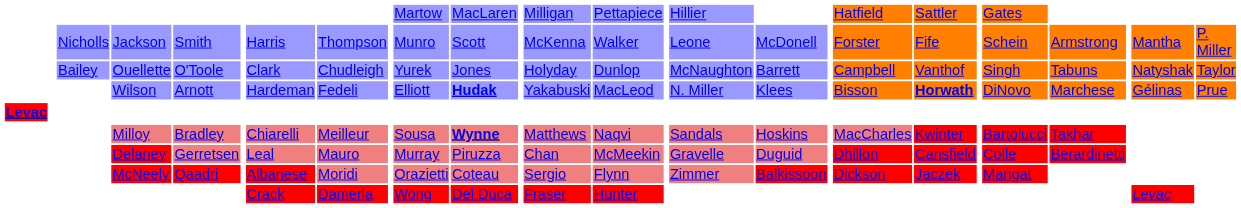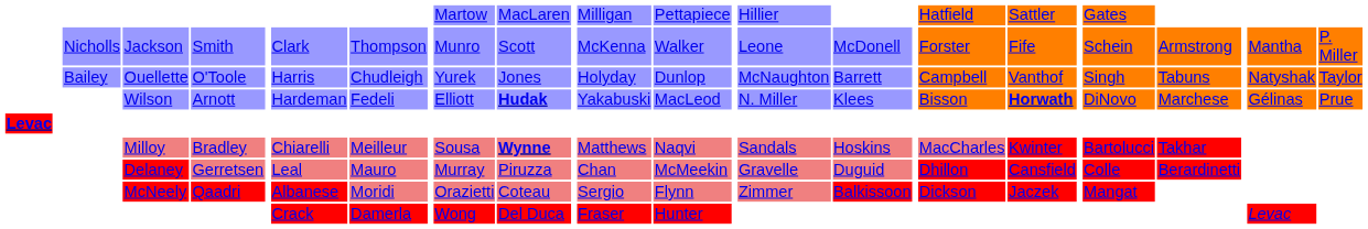 <table style="">
 <tr>
 <td></td>
 <td></td>
 <td></td>
 <td></td>
 <td></td>
 <td></td>
 <td></td>
 <td></td>
 <td></td>
 <td></td>
 <td bgcolor="9999ff" border="1"><span><a href='#'>Martow</a></span></td>
 <td bgcolor="9999ff" border="1"><span><a href='#'>MacLaren</a></span></td>
 <td></td>
 <td bgcolor="9999ff" border="1"><span><a href='#'>Milligan</a></span></td>
 <td bgcolor="9999ff" border="1"><span><a href='#'>Pettapiece</a></span></td>
 <td></td>
 <td bgcolor="9999ff" border="1"><span><a href='#'>Hillier</a></span></td>
 <td></td>
 <td></td>
 <td bgcolor="#FF7F00" border="1"><span><a href='#'>Hatfield</a></span></td>
 <td bgcolor="#FF7F00" border="1"><span><a href='#'>Sattler</a></span></td>
 <td></td>
 <td bgcolor="#FF7F00" border="1"><span><a href='#'>Gates</a></span></td>
 </tr>
 <tr>
 <td></td>
 <td></td>
 <td></td>
 <td bgcolor="#9999FF" border="1"><span><a href='#'>Nicholls</a></span></td>
 <td bgcolor="9999ff" border="1"><span><a href='#'>Jackson</a></span></td>
 <td bgcolor="9999ff" border="1"><span><a href='#'>Smith</a></span></td>
 <td></td>
-<td bgcolor="9999ff" border="1"><span><a href='#'>Harris</a></span></td>
+<td bgcolor="9999ff" border="1"><span><a href='#'>Clark</a></span></td>
 <td bgcolor="9999ff" border="1"><span><a href='#'>Thompson</a></span></td>
 <td></td>
 <td bgcolor="9999ff" border="1"><span><a href='#'>Munro</a></span></td>
 <td bgcolor="9999ff" border="1"><span><a href='#'>Scott</a></span></td>
 <td></td>
 <td bgcolor="9999ff" border="1"><span><a href='#'>McKenna</a></span></td>
 <td bgcolor="9999ff" border="1"><span><a href='#'>Walker</a></span></td>
 <td></td>
 <td bgcolor="9999ff" border="1"><span><a href='#'>Leone</a></span></td>
 <td bgcolor="9999ff" border="1"><span><a href='#'>McDonell</a></span></td>
 <td></td>
 <td bgcolor="#FF7F00" border="1"><span><a href='#'>Forster</a></span></td>
 <td bgcolor="#FF7F00" border="1"><span><a href='#'>Fife</a></span></td>
 <td></td>
 <td bgcolor="FF7F00" border="1"><span><a href='#'>Schein</a></span></td>
 <td bgcolor="FF7F00" border="1"><span><a href='#'>Armstrong</a></span></td>
 <td></td>
 <td bgcolor="FF7F00" border="1"><span><a href='#'>Mantha</a></span></td>
 <td bgcolor="FF7F00" border="1"><span><a href='#'>P. Miller</a></span></td>
 </tr>
 <tr>
 <td></td>
 <td></td>
 <td></td>
 <td bgcolor="#9999FF" border="1"><span><a href='#'>Bailey</a></span></td>
 <td bgcolor="9999ff" border="1"><span><a href='#'>Ouellette</a></span></td>
 <td bgcolor="9999ff"  border="1"><span><a href='#'>O'Toole</a></span></td>
 <td></td>
-<td bgcolor="9999ff" border="1"><span><a href='#'>Clark</a></span></td>
+<td bgcolor="9999ff" border="1"><span><a href='#'>Harris</a></span></td>
 <td bgcolor="9999ff" border="1"><span><a href='#'>Chudleigh</a></span></td>
 <td></td>
 <td bgcolor="9999ff" border="1"><span><a href='#'>Yurek</a></span></td>
 <td bgcolor="9999ff" border="1"><span><a href='#'>Jones</a></span></td>
 <td></td>
 <td bgcolor="9999ff" border="1"><span><a href='#'>Holyday</a></span></td>
 <td bgcolor="9999ff" border="1"><span><a href='#'>Dunlop</a></span></td>
 <td></td>
 <td bgcolor="#9999FF" border="1"><span><a href='#'>McNaughton</a></span></td>
 <td bgcolor="#9999FF" border="1"><span><a href='#'>Barrett</a></span></td>
 <td></td>
 <td bgcolor="#FF7F00" border="1"><span><a href='#'>Campbell</a></span></td>
 <td bgcolor="#FF7F00" border="1"><span><a href='#'>Vanthof</a></span></td>
 <td></td>
 <td bgcolor="#FF7F00" border="1"><span><a href='#'>Singh</a></span></td>
 <td bgcolor="#FF7F00" border="1"><span><a href='#'>Tabuns</a></span></td>
 <td></td>
 <td bgcolor="#FF7F00" border="1"><span><a href='#'>Natyshak</a></span></td>
 <td bgcolor="#FF7F00" border="1"><span><a href='#'>Taylor</a></span></td>
 </tr>
 <tr>
 <td></td>
 <td></td>
 <td></td>
 <td></td>
 <td bgcolor="9999ff" border="1"><span><a href='#'>Wilson</a></span></td>
 <td bgcolor="9999ff" border="1"><span><a href='#'>Arnott</a></span></td>
 <td></td>
 <td bgcolor="9999ff" border="1"><span><a href='#'>Hardeman</a></span></td>
 <td bgcolor="9999ff" border="1"><span><a href='#'>Fedeli</a></span></td>
 <td></td>
 <td bgcolor="9999ff" border="1"><span><a href='#'>Elliott</a></span></td>
 <td bgcolor="9999ff" border="1"><span><u><strong><a href='#'>Hudak</a></strong></u></span></td>
 <td></td>
 <td bgcolor="9999ff" border="1"><span><a href='#'>Yakabuski</a></span></td>
 <td bgcolor="9999ff" border="1"><span><a href='#'>MacLeod</a></span></td>
 <td></td>
 <td bgcolor="#9999FF" border="1"><span><a href='#'>N. Miller</a></span></td>
 <td bgcolor="#9999FF" border="1"><span><a href='#'>Klees</a></span></td>
 <td></td>
 <td bgcolor="#FF7F00" border="1"><span><a href='#'>Bisson</a></span></td>
 <td bgcolor="#FF7F00" border="1"><span><u><strong><a href='#'>Horwath</a></strong></u></span></td>
 <td></td>
 <td bgcolor="#FF7F00" border="1"><span><a href='#'>DiNovo</a></span></td>
 <td bgcolor="#FF7F00" border="1"><span><a href='#'>Marchese</a></span></td>
 <td></td>
 <td bgcolor="#FF7F00" border="1"><span><a href='#'>Gélinas</a></span></td>
 <td bgcolor="#FF7F00" border="1"><span><a href='#'>Prue</a></span></td>
 <td></td>
 </tr>
 <tr>
 </tr>
 <tr>
 <td bgcolor="#FF0000" border="1"><span><u><strong><a href='#'>Levac</a></strong></u></span></td>
 </tr>
 <tr>
 </tr>
 <tr>
 <td></td>
 <td></td>
 <td></td>
 <td></td>
 <td bgcolor="lightcoral" border="1"><span><a href='#'>Milloy</a></span></td>
 <td bgcolor="lightcoral" border="1"><span><a href='#'>Bradley</a></span></td>
 <td></td>
 <td bgcolor="lightcoral" border="1"><span><a href='#'>Chiarelli</a></span></td>
 <td bgcolor="lightcoral" border="1"><span><a href='#'>Meilleur</a></span></td>
 <td></td>
 <td bgcolor="lightcoral" border="1"><span><a href='#'>Sousa</a></span></td>
 <td bgcolor="lightcoral" border="1"><span><u><strong><a href='#'>Wynne</a></strong></u></span></td>
 <td></td>
 <td bgcolor="lightcoral" border="1"><span><a href='#'>Matthews</a></span></td>
 <td bgcolor="lightcoral" border="1"><span><a href='#'>Naqvi</a></span></td>
 <td></td>
 <td bgcolor="lightcoral" border="1"><span><a href='#'>Sandals</a></span></td>
 <td bgcolor="lightcoral" border="1"><span><a href='#'>Hoskins</a></span></td>
 <td></td>
 <td bgcolor="lightcoral" border="1"><span><a href='#'>MacCharles</a></span></td>
 <td bgcolor="#FF0000" border="1"><span><a href='#'>Kwinter</a></span></td>
 <td></td>
 <td bgcolor="#FF0000" border="1"><span><a href='#'>Bartolucci</a></span></td>
 <td bgcolor="#FF0000" border="1"><span> <a href='#'>Takhar</a></span></td>
 <td></td>
 <td></td>
 <td></td>
 <td></td>
 </tr>
 <tr>
 <td></td>
 <td></td>
 <td></td>
 <td></td>
 <td bgcolor="FF0000" border="1"><span><a href='#'>Delaney</a></span></td>
 <td bgcolor="lightcoral" border="1"><span><a href='#'>Gerretsen</a></span></td>
 <td></td>
 <td bgcolor="lightcoral" border="1"><span><a href='#'>Leal</a></span></td>
 <td bgcolor="lightcoral" border="1"><span><a href='#'>Mauro</a></span></td>
 <td></td>
 <td bgcolor="lightcoral" border="1"><span><a href='#'>Murray</a></span></td>
 <td bgcolor="lightcoral" border="1"><span><a href='#'>Piruzza</a></span></td>
 <td></td>
 <td bgcolor="lightcoral" border="1"><span><a href='#'>Chan</a></span></td>
 <td bgcolor="lightcoral" border="1"><span><a href='#'>McMeekin</a></span></td>
 <td></td>
 <td bgcolor="lightcoral" border="1"><span><a href='#'>Gravelle</a></span></td>
 <td bgcolor="lightcoral" border="1"><span><a href='#'>Duguid</a></span></td>
 <td></td>
 <td bgcolor="FF0000" border="1"><span><a href='#'>Dhillon</a></span></td>
 <td bgcolor="#FF0000" border="1"><span><a href='#'>Cansfield</a></span></td>
 <td></td>
 <td bgcolor="#FF0000" border="1"><span><a href='#'>Colle</a></span></td>
 <td bgcolor="#FF0000" border="1"><span> <a href='#'>Berardinetti</a> 	</span></td>
 <td></td>
 <td></td>
 <td></td>
 <td></td>
 <td></td>
 <td></td>
 </tr>
 <tr>
 <td></td>
 <td></td>
 <td></td>
 <td></td>
 <td bgcolor="FF0000" border="1"><span><a href='#'>McNeely</a></span></td>
 <td bgcolor="FF0000" border="1"><span><a href='#'>Qaadri</a></span></td>
 <td></td>
 <td bgcolor="#FF0000" border="1"><span><a href='#'>Albanese</a></span></td>
 <td bgcolor="lightcoral" border="1"><span><a href='#'>Moridi</a></span></td>
 <td></td>
 <td bgcolor="lightcoral" border="1"><span><a href='#'>Orazietti</a></span></td>
 <td bgcolor="lightcoral" border="1"><span><a href='#'>Coteau</a></span></td>
 <td></td>
 <td bgcolor="lightcoral" border="1"><span><a href='#'>Sergio</a></span></td>
 <td bgcolor="lightcoral" border="1"><span><a href='#'>Flynn</a></span></td>
 <td></td>
 <td bgcolor="lightcoral" border="1"><span><a href='#'>Zimmer</a></span></td>
 <td bgcolor="FF0000" border="1"><span><a href='#'>Balkissoon</a></span></td>
 <td></td>
 <td bgcolor="#FF0000" border="1"><span><a href='#'>Dickson</a></span></td>
 <td bgcolor="#FF0000" border="1"><span><a href='#'>Jaczek</a></span></td>
 <td></td>
 <td bgcolor="#FF0000" border="1"><span><a href='#'>Mangat</a></span></td>
 <td></td>
 <td></td>
 <td></td>
 <td></td>
 </tr>
 <tr>
 <td></td>
 <td></td>
 <td></td>
 <td></td>
 <td></td>
 <td></td>
 <td></td>
 <td bgcolor="#FF0000" border="1"><span><a href='#'>Crack</a></span></td>
 <td bgcolor="#FF0000" border="1"><span><a href='#'>Damerla</a></span></td>
 <td></td>
 <td bgcolor="#FF0000" border="1"><span><a href='#'>Wong</a></span></td>
 <td bgcolor="#FF0000" border="1"><span><a href='#'>Del Duca</a></span></td>
 <td></td>
 <td bgcolor="#FF0000" border="1"><span><a href='#'>Fraser</a></span></td>
 <td bgcolor="#FF0000" border="1"><span><a href='#'>Hunter</a></span></td>
 <td></td>
 <td></td>
 <td></td>
 <td></td>
 <td></td>
 <td></td>
 <td></td>
 <td></td>
 <td></td>
 <td></td>
 <td bgcolor="#FF0000" border="1"><span><em><a href='#'>Levac</a></em></span></td>
 <td></td>
 <td></td>
 <td></td>
 <td></td>
 <td></td>
 <td></td>
 <td></td>
 </tr>
 </table>
